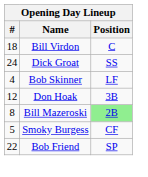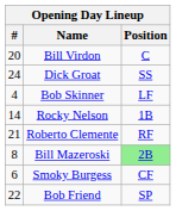 <table class="wikitable" style="text-align:center">
 <tr>
 <th colspan="3">Opening Day Lineup</th>
 </tr>
 <tr>
 <th>#</th>
 <th>Name</th>
 <th>Position</th>
 </tr>
 <tr>
-<td>18</td>
+<td>20</td>
 <td><a href='#'>Bill Virdon</a></td>
 <td><a href='#'>C</a></td>
 </tr>
 <tr>
 <td>24</td>
 <td><a href='#'>Dick Groat</a></td>
 <td><a href='#'>SS</a></td>
 </tr>
 <tr>
 <td>4</td>
 <td><a href='#'>Bob Skinner</a></td>
 <td><a href='#'>LF</a></td>
 </tr>
 <tr>
-<td>12</td>
-<td><a href='#'>Don Hoak</a></td>
-<td><a href='#'>3B</a></td>
+<td>14</td>
+<td><a href='#'>Rocky Nelson</a></td>
+<td><a href='#'>1B</a></td>
+</tr>
+<tr>
+<td>21</td>
+<td><a href='#'>Roberto Clemente</a></td>
+<td><a href='#'>RF</a></td>
 </tr>
 <tr>
 <td>8</td>
 <td><a href='#'>Bill Mazeroski</a></td>
 <td style="background: lightgreen;"><a href='#'>2B</a></td>
 </tr>
 <tr>
-<td>5</td>
+<td>6</td>
 <td><a href='#'>Smoky Burgess</a></td>
 <td><a href='#'>CF</a></td>
 </tr>
 <tr>
 <td>22</td>
 <td><a href='#'>Bob Friend</a></td>
 <td><a href='#'>SP</a></td>
 </tr>
 </table>
